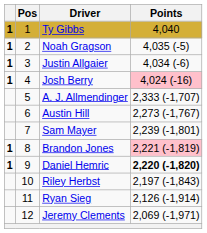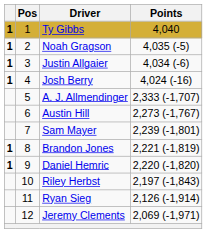 <table class="wikitable" style="font-size: 95%;">
 <tr>
 <th></th>
 <th>Pos</th>
 <th>Driver</th>
 <th>Points</th>
 </tr>
 <tr style="background:#D4AF37;">
 <td align="left"> <strong>1</strong></td>
 <td style="text-align:center;">1</td>
 <td><a href='#'>Ty Gibbs</a></td>
 <td style="text-align:center;">4,040</td>
 </tr>
 <tr>
 <td align="left"> <strong>1</strong></td>
 <td style="text-align:center;">2</td>
 <td><a href='#'>Noah Gragson</a></td>
 <td style="text-align:center;">4,035 (-5)</td>
 </tr>
 <tr>
 <td align="left"> <strong>1</strong></td>
 <td style="text-align:center;">3</td>
 <td><a href='#'>Justin Allgaier</a></td>
 <td style="text-align:center;">4,034 (-6)</td>
 </tr>
 <tr>
 <td align="left"> <strong>1</strong></td>
 <td style="text-align:center;">4</td>
 <td><a href='#'>Josh Berry</a></td>
-<td style="background: pink; text-align:center;">4,024 (-16)</td>
+<td style="text-align:center;">4,024 (-16)</td>
 </tr>
 <tr>
 <td align="left"></td>
 <td style="text-align:center;">5</td>
 <td><a href='#'>A. J. Allmendinger</a></td>
 <td style="text-align:center;">2,333 (-1,707)</td>
 </tr>
 <tr>
 <td align="left"></td>
 <td style="text-align:center;">6</td>
 <td><a href='#'>Austin Hill</a></td>
 <td style="text-align:center;">2,273 (-1,767)</td>
 </tr>
 <tr>
 <td align="left"></td>
 <td style="text-align:center;">7</td>
 <td><a href='#'>Sam Mayer</a></td>
 <td style="text-align:center;">2,239 (-1,801)</td>
 </tr>
 <tr>
 <td align="left"> <strong>1</strong></td>
 <td style="text-align:center;">8</td>
 <td><a href='#'>Brandon Jones</a></td>
-<td style="background: pink; text-align:center;">2,221 (-1,819)</td>
+<td style="text-align:center;">2,221 (-1,819)</td>
 </tr>
 <tr>
 <td align="left"> <strong>1</strong></td>
 <td style="text-align:center;">9</td>
 <td><a href='#'>Daniel Hemric</a></td>
-<td style="text-align:center;"><strong>2,220 (-1,820)</strong></td>
+<td style="text-align:center;">2,220 (-1,820)</td>
 </tr>
 <tr>
 <td align="left"></td>
 <td style="text-align:center;">10</td>
 <td><a href='#'>Riley Herbst</a></td>
 <td style="text-align:center;">2,197 (-1,843)</td>
 </tr>
 <tr>
 <td align="left"></td>
 <td style="text-align:center;">11</td>
 <td><a href='#'>Ryan Sieg</a></td>
 <td style="text-align:center;">2,126 (-1,914)</td>
 </tr>
 <tr>
 <td align="left"></td>
 <td style="text-align:center;">12</td>
 <td><a href='#'>Jeremy Clements</a></td>
 <td style="text-align:center;">2,069 (-1,971)</td>
 </tr>
 <tr class="sortbottom">
 <th colspan="9"></th>
 </tr>
 </table>
